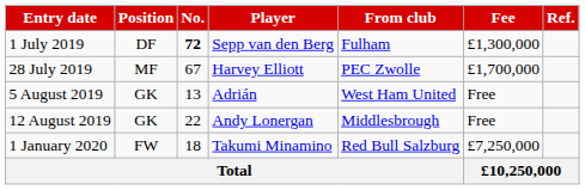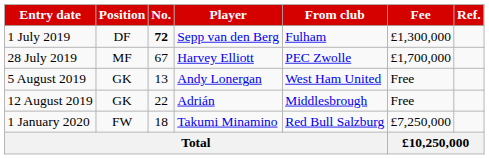 <table class="wikitable sortable">
 <tr>
 <th style="background:#d50000; color:white;">Entry date</th>
 <th style="background:#d50000; color:white;">Position</th>
 <th style="background:#d50000; color:white;">No.</th>
 <th style="background:#d50000; color:white;">Player</th>
 <th style="background:#d50000; color:white;">From club</th>
 <th style="background:#d50000; color:white;">Fee</th>
 <th style="background:#d50000; color:white;">Ref.</th>
 </tr>
 <tr>
 <td>1 July 2019</td>
 <td style="text-align:center;">DF</td>
 <td style="text-align:center;"><strong>72</strong></td>
 <td style="text-align:left;"> <a href='#'>Sepp van den Berg</a></td>
 <td style="text-align:left;"> <a href='#'>Fulham</a></td>
 <td> £1,300,000</td>
 <td></td>
 </tr>
 <tr>
 <td>28 July 2019</td>
 <td style="text-align:center;">MF</td>
 <td style="text-align:center;">67</td>
 <td style="text-align:left;"> <a href='#'>Harvey Elliott</a></td>
 <td style="text-align:left;"> <a href='#'>PEC Zwolle</a></td>
 <td> £1,700,000</td>
 <td></td>
 </tr>
 <tr>
 <td>5 August 2019</td>
 <td style="text-align:center;">GK</td>
 <td style="text-align:center;">13</td>
-<td style="text-align:left;"> <a href='#'>Adrián</a></td>
+<td style="text-align:left;"> <a href='#'>Andy Lonergan</a></td>
 <td style="text-align:left;"> <a href='#'>West Ham United</a></td>
 <td> Free</td>
 <td></td>
 </tr>
 <tr>
 <td>12 August 2019</td>
 <td style="text-align:center;">GK</td>
 <td style="text-align:center;">22</td>
-<td style="text-align:left;"> <a href='#'>Andy Lonergan</a></td>
+<td style="text-align:left;"> <a href='#'>Adrián</a></td>
 <td style="text-align:left;"> <a href='#'>Middlesbrough</a></td>
 <td> Free</td>
 <td></td>
 </tr>
 <tr>
 <td>1 January 2020</td>
 <td style="text-align:center;">FW</td>
 <td style="text-align:center;">18</td>
 <td style="text=align:left;"> <a href='#'>Takumi Minamino</a></td>
 <td style="text=align:left;"> <a href='#'>Red Bull Salzburg</a></td>
 <td> £7,250,000</td>
 <td></td>
 </tr>
 <tr>
 <th colspan="5">Total</th>
 <th colspan="2">£10,250,000</th>
 </tr>
 </table>
